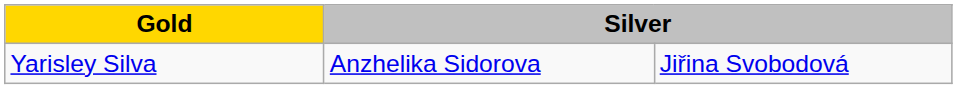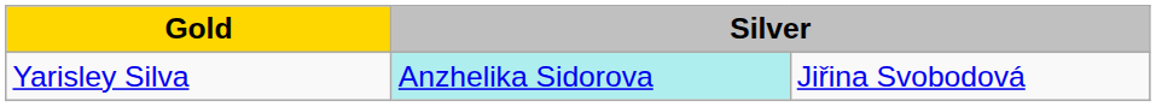 <table class="wikitable" style="text-align:left">
 <tr align="center">
 <td width=200 bgcolor=gold><strong>Gold</strong></td>
 <td width=400 colspan=2 bgcolor=silver><strong>Silver</strong></td>
 </tr>
 <tr>
 <td><a href='#'>Yarisley Silva</a><br><em></em></td>
-<td><a href='#'>Anzhelika Sidorova</a><br><em></em></td>
+<td style="background: paleturquoise;"><a href='#'>Anzhelika Sidorova</a><br><em></em></td>
 <td><a href='#'>Jiřina Svobodová</a><br><em></em></td>
 </tr>
 </table>
